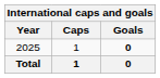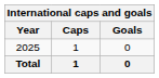 <table class="wikitable sortable" style="text-align:center">
 <tr>
 <th colspan="3">International caps and goals</th>
 </tr>
 <tr>
 <th>Year</th>
 <th>Caps</th>
 <th>Goals</th>
 </tr>
 <tr>
 <td>2025</td>
 <td>1</td>
-<td><strong>0</strong></td>
+<td>0</td>
 </tr>
 <tr>
 <th>Total</th>
 <th>1</th>
 <th>0</th>
 </tr>
 </table>
